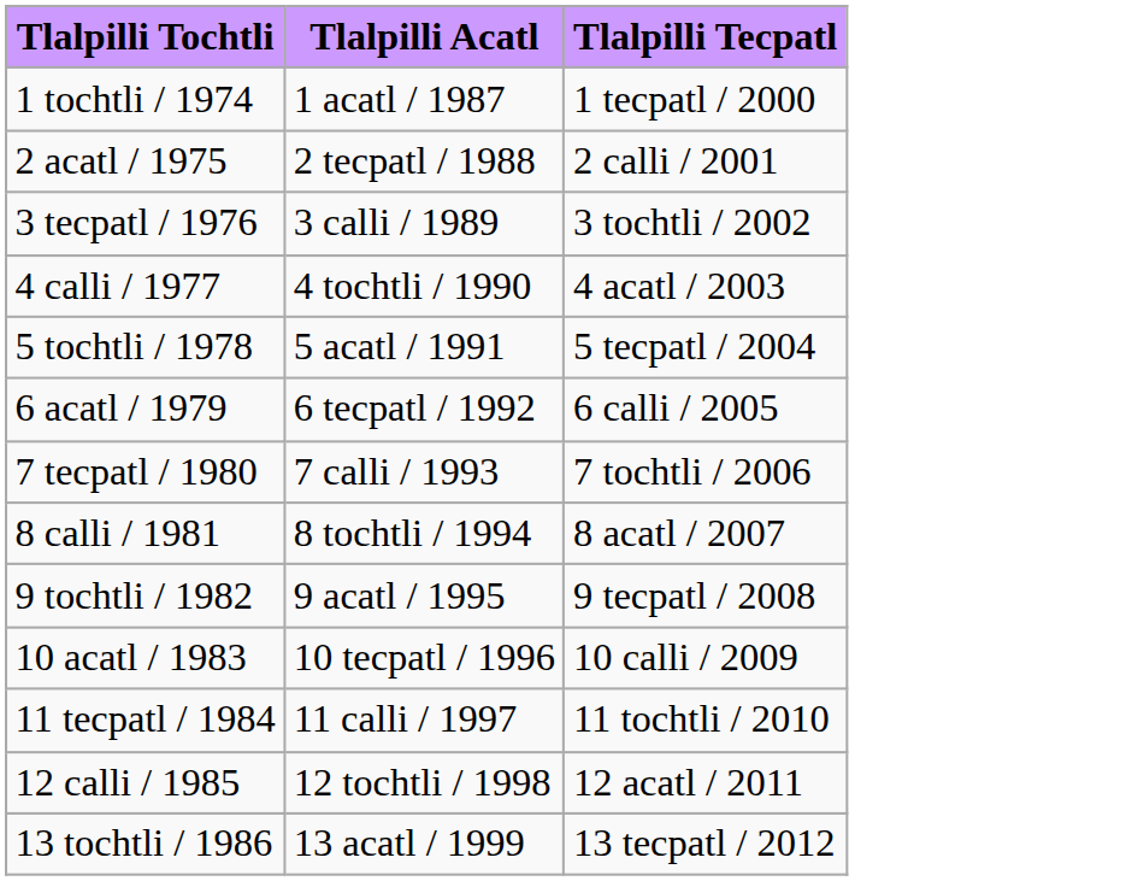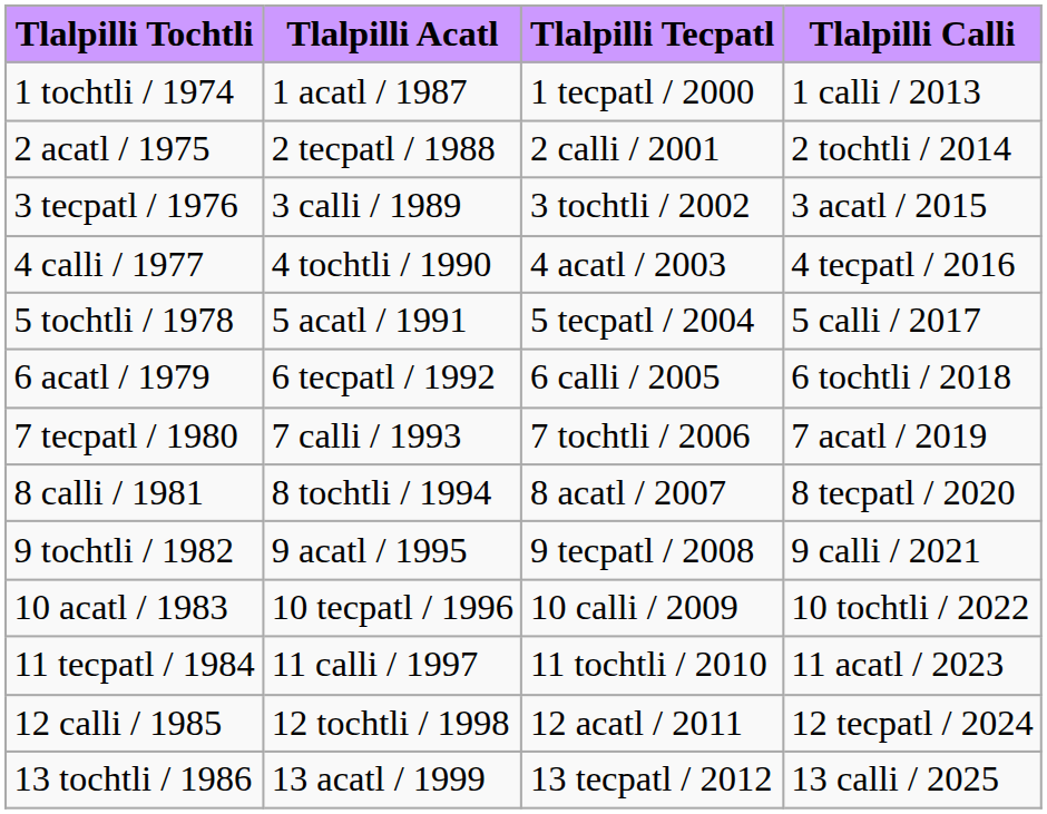 <table class="wikitable">
 <tr>
 <th style="background:#c9f; align:center">Tlalpilli Tochtli</th>
 <th style="background:#c9f; align:center">Tlalpilli Acatl</th>
 <th style="background:#c9f; align:center">Tlalpilli Tecpatl</th>
+<th style="background:#c9f; align:center">Tlalpilli Calli</th>
 </tr>
 <tr>
 <td>1 tochtli / 1974</td>
 <td>1 acatl / 1987</td>
 <td>1 tecpatl / 2000</td>
+<td>1 calli / 2013</td>
 </tr>
 <tr>
 <td>2 acatl / 1975</td>
 <td>2 tecpatl / 1988</td>
 <td>2 calli / 2001</td>
+<td>2 tochtli / 2014</td>
 </tr>
 <tr>
 <td>3 tecpatl / 1976</td>
 <td>3 calli / 1989</td>
 <td>3 tochtli / 2002</td>
+<td>3 acatl / 2015</td>
 </tr>
 <tr>
 <td>4 calli / 1977</td>
 <td>4 tochtli / 1990</td>
 <td>4 acatl / 2003</td>
+<td>4 tecpatl / 2016</td>
 </tr>
 <tr>
 <td>5 tochtli / 1978</td>
 <td>5 acatl / 1991</td>
 <td>5 tecpatl / 2004</td>
+<td>5 calli / 2017</td>
 </tr>
 <tr>
 <td>6 acatl / 1979</td>
 <td>6 tecpatl / 1992</td>
 <td>6 calli / 2005</td>
+<td>6 tochtli / 2018</td>
 </tr>
 <tr>
 <td>7 tecpatl / 1980</td>
 <td>7 calli / 1993</td>
 <td>7 tochtli / 2006</td>
+<td>7 acatl / 2019</td>
 </tr>
 <tr>
 <td>8 calli / 1981</td>
 <td>8 tochtli / 1994</td>
 <td>8 acatl / 2007</td>
+<td>8 tecpatl / 2020</td>
 </tr>
 <tr>
 <td>9 tochtli / 1982</td>
 <td>9 acatl / 1995</td>
 <td>9 tecpatl / 2008</td>
+<td>9 calli / 2021</td>
 </tr>
 <tr>
 <td>10 acatl / 1983</td>
 <td>10 tecpatl / 1996</td>
 <td>10 calli / 2009</td>
+<td>10 tochtli / 2022</td>
 </tr>
 <tr>
 <td>11 tecpatl / 1984</td>
 <td>11 calli / 1997</td>
 <td>11 tochtli / 2010</td>
+<td>11 acatl / 2023</td>
 </tr>
 <tr>
 <td>12 calli / 1985</td>
 <td>12 tochtli / 1998</td>
 <td>12 acatl / 2011</td>
+<td>12 tecpatl / 2024</td>
 </tr>
 <tr>
 <td>13 tochtli / 1986</td>
 <td>13 acatl / 1999</td>
 <td>13 tecpatl / 2012</td>
+<td>13 calli / 2025</td>
 </tr>
 </table>
